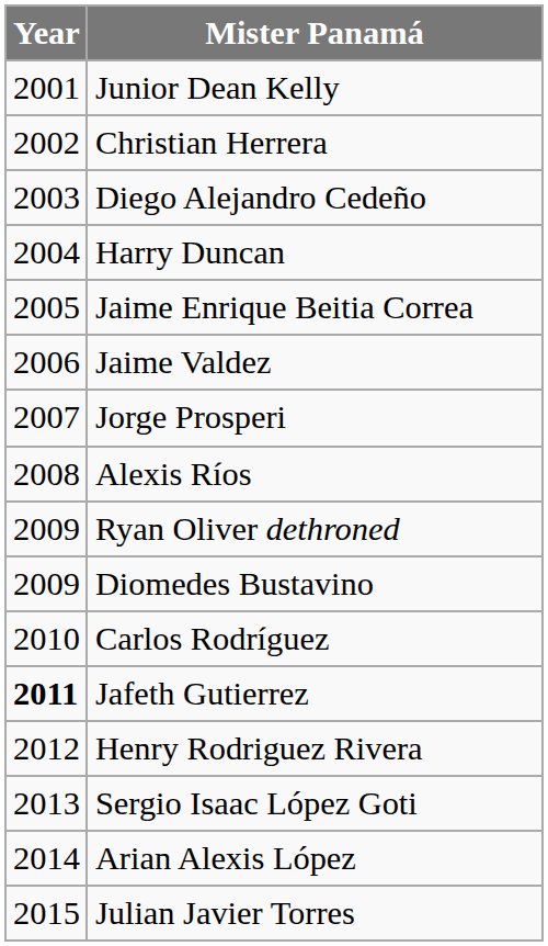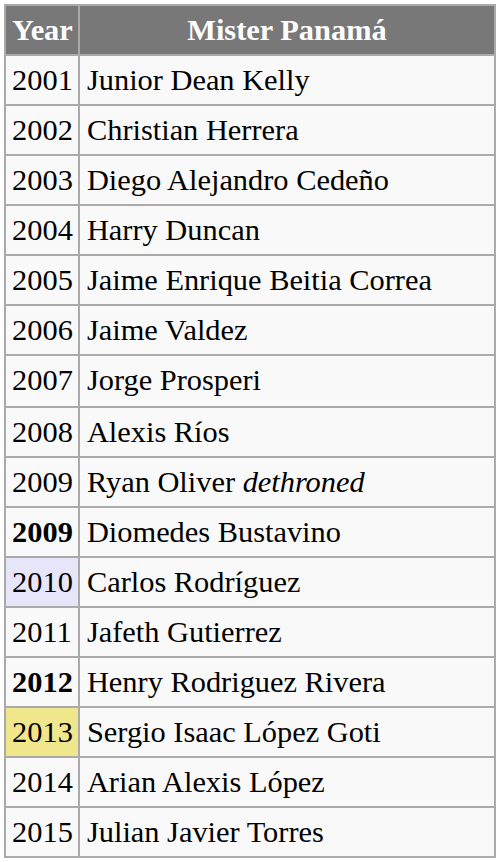 <table class="wikitable sortable" style="font-size: 95%;">
 <tr>
 <th width="30" style="background-color:#787878;color:#FFFFFF;">Year</th>
 <th width="200" style="background-color:#787878;color:#FFFFFF;">Mister Panamá</th>
 </tr>
 <tr>
 <td>2001</td>
 <td>Junior Dean Kelly</td>
 </tr>
 <tr>
 <td>2002</td>
 <td>Christian Herrera</td>
 </tr>
 <tr>
 <td>2003</td>
 <td>Diego Alejandro Cedeño</td>
 </tr>
 <tr>
 <td>2004</td>
 <td>Harry Duncan</td>
 </tr>
 <tr>
 <td>2005</td>
 <td>Jaime Enrique Beitia Correa</td>
 </tr>
 <tr>
 <td>2006</td>
 <td>Jaime Valdez</td>
 </tr>
 <tr>
 <td>2007</td>
 <td>Jorge Prosperi </td>
 </tr>
 <tr>
 <td>2008</td>
 <td>Alexis Ríos </td>
 </tr>
 <tr>
 <td>2009</td>
 <td>Ryan Oliver <em>dethroned</em> </td>
 </tr>
 <tr>
-<td>2009</td>
+<td><strong>2009</strong></td>
 <td>Diomedes Bustavino</td>
 </tr>
 <tr>
-<td>2010</td>
+<td style="background: lavender;">2010</td>
 <td>Carlos Rodríguez </td>
 </tr>
 <tr>
-<td><strong>2011</strong></td>
+<td>2011</td>
 <td>Jafeth Gutierrez</td>
 </tr>
 <tr>
-<td>2012</td>
+<td><strong>2012</strong></td>
 <td>Henry Rodriguez Rivera</td>
 </tr>
 <tr>
-<td>2013</td>
+<td style="background: khaki;">2013</td>
 <td>Sergio Isaac López Goti</td>
 </tr>
 <tr>
 <td>2014</td>
 <td>Arian Alexis López</td>
 </tr>
 <tr>
 <td>2015</td>
 <td>Julian Javier Torres</td>
 </tr>
 <tr>
 </tr>
 </table>
